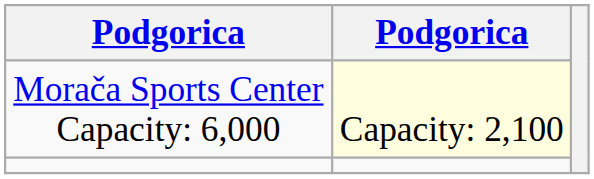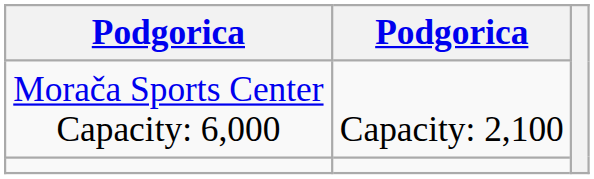 <table class="wikitable" style="text-align:center;">
 <tr>
 <th><a href='#'>Podgorica</a></th>
 <th><a href='#'>Podgorica</a></th>
 <th rowspan=3></th>
 </tr>
 <tr>
 <td><a href='#'>Morača Sports Center</a><br>Capacity: 6,000</td>
-<td style="background: lightyellow;"><br>Capacity: 2,100</td>
+<td><br>Capacity: 2,100</td>
 </tr>
 <tr>
 <td></td>
 <td></td>
 </tr>
 </table>
